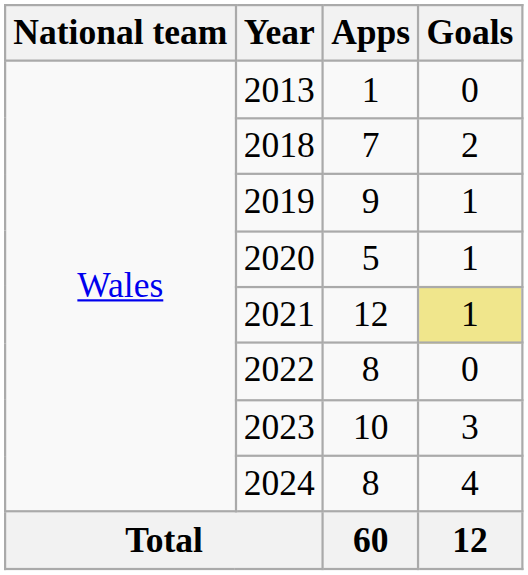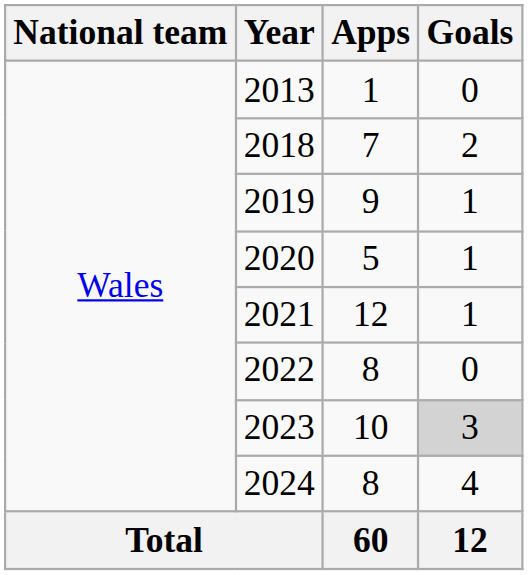 <table class="wikitable" style="text-align:center">
 <tr>
 <th>National team</th>
 <th>Year</th>
 <th>Apps</th>
 <th>Goals</th>
 </tr>
 <tr>
 <td rowspan="8"><a href='#'>Wales</a></td>
 <td>2013</td>
 <td>1</td>
 <td>0</td>
 </tr>
 <tr>
 <td>2018</td>
 <td>7</td>
 <td>2</td>
 </tr>
 <tr>
 <td>2019</td>
 <td>9</td>
 <td>1</td>
 </tr>
 <tr>
 <td>2020</td>
 <td>5</td>
 <td>1</td>
 </tr>
 <tr>
 <td>2021</td>
 <td>12</td>
-<td style="background: khaki;">1</td>
+<td>1</td>
 </tr>
 <tr>
 <td>2022</td>
 <td>8</td>
 <td>0</td>
 </tr>
 <tr>
 <td>2023</td>
 <td>10</td>
-<td>3</td>
+<td style="background: lightgrey;">3</td>
 </tr>
 <tr>
 <td>2024</td>
 <td>8</td>
 <td>4</td>
 </tr>
 <tr>
 <th colspan="2">Total</th>
 <th>60</th>
 <th>12</th>
 </tr>
 </table>
